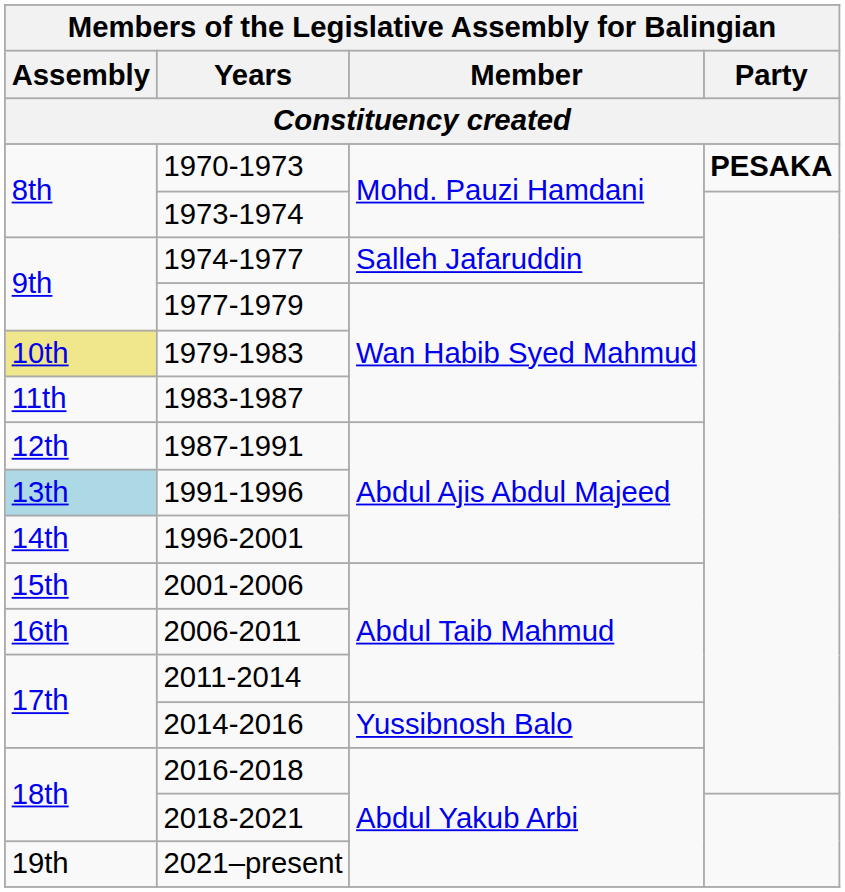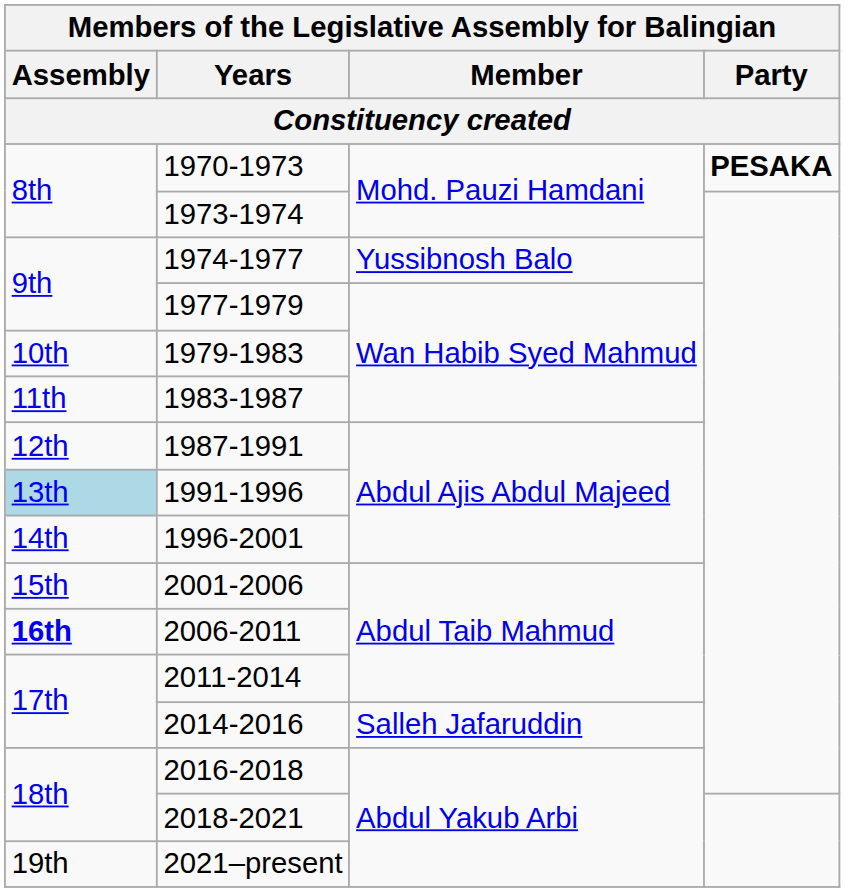 <table class=wikitable>
 <tr>
 <th colspan="4">Members of the Legislative Assembly for Balingian</th>
 </tr>
 <tr>
 <th>Assembly</th>
 <th>Years</th>
 <th>Member</th>
 <th>Party</th>
 </tr>
 <tr>
 <th colspan=4 align=center><em>Constituency created</em></th>
 </tr>
 <tr>
 <td rowspan=2><a href='#'>8th</a></td>
 <td>1970-1973</td>
 <td rowspan=2><a href='#'>Mohd. Pauzi Hamdani</a></td>
 <td><strong>PESAKA</strong></td>
 </tr>
 <tr>
 <td>1973-1974</td>
 <td rowspan=13></td>
 </tr>
 <tr>
 <td rowspan=2><a href='#'>9th</a></td>
 <td>1974-1977</td>
-<td><a href='#'>Salleh Jafaruddin</a></td>
+<td><a href='#'>Yussibnosh Balo</a></td>
 </tr>
 <tr>
 <td>1977-1979</td>
 <td rowspan=3><a href='#'>Wan Habib Syed Mahmud</a></td>
 </tr>
 <tr>
-<td style="background: khaki;"><a href='#'>10th</a></td>
+<td><a href='#'>10th</a></td>
 <td>1979-1983</td>
 </tr>
 <tr>
 <td><a href='#'>11th</a></td>
 <td>1983-1987</td>
 </tr>
 <tr>
 <td><a href='#'>12th</a></td>
 <td>1987-1991</td>
 <td rowspan=3><a href='#'>Abdul Ajis Abdul Majeed</a></td>
 </tr>
 <tr>
 <td style="background: lightblue;"><a href='#'>13th</a></td>
 <td>1991-1996</td>
 </tr>
 <tr>
 <td><a href='#'>14th</a></td>
 <td>1996-2001</td>
 </tr>
 <tr>
 <td><a href='#'>15th</a></td>
 <td>2001-2006</td>
 <td rowspan=3><a href='#'>Abdul Taib Mahmud</a></td>
 </tr>
 <tr>
-<td><a href='#'>16th</a></td>
+<td><strong><a href='#'>16th</a></strong></td>
 <td>2006-2011</td>
 </tr>
 <tr>
 <td rowspan=2><a href='#'>17th</a></td>
 <td>2011-2014</td>
 </tr>
 <tr>
 <td>2014-2016</td>
-<td><a href='#'>Yussibnosh Balo</a></td>
+<td><a href='#'>Salleh Jafaruddin</a></td>
 </tr>
 <tr>
 <td rowspan="2"><a href='#'>18th</a></td>
 <td>2016-2018</td>
 <td rowspan="3"><a href='#'>Abdul Yakub Arbi</a></td>
 </tr>
 <tr>
 <td>2018-2021</td>
 <td rowspan=2></td>
 </tr>
 <tr>
 <td>19th</td>
 <td>2021–present</td>
 </tr>
 </table>
